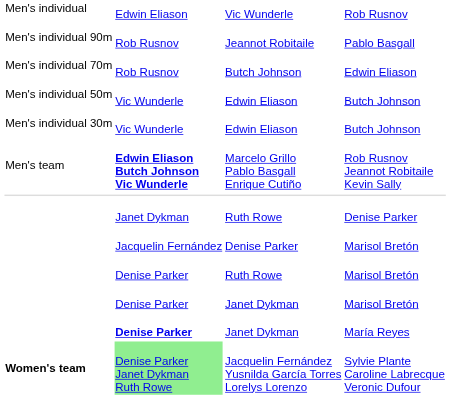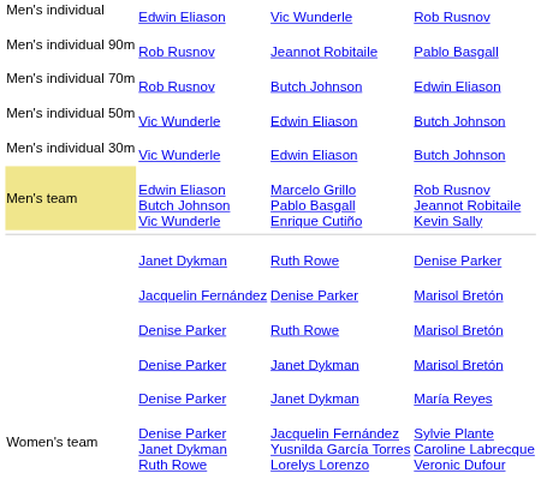 <table>
 <tr>
 <td>Men's individual<br></td>
 <td><br><a href='#'>Edwin Eliason</a></td>
 <td><br><a href='#'>Vic Wunderle</a></td>
 <td><br><a href='#'>Rob Rusnov</a></td>
 </tr>
 <tr>
 <td>Men's individual 90m<br></td>
 <td><br><a href='#'>Rob Rusnov</a></td>
 <td><br><a href='#'>Jeannot Robitaile</a></td>
 <td><br><a href='#'>Pablo Basgall</a></td>
 </tr>
 <tr>
 <td>Men's individual 70m<br></td>
 <td><br><a href='#'>Rob Rusnov</a></td>
 <td><br><a href='#'>Butch Johnson</a></td>
 <td><br><a href='#'>Edwin Eliason</a></td>
 </tr>
 <tr>
 <td>Men's individual 50m<br></td>
 <td><br><a href='#'>Vic Wunderle</a></td>
 <td><br><a href='#'>Edwin Eliason</a></td>
 <td><br><a href='#'>Butch Johnson</a></td>
 </tr>
 <tr>
 <td>Men's individual 30m<br></td>
 <td><br><a href='#'>Vic Wunderle</a></td>
 <td><br><a href='#'>Edwin Eliason</a></td>
 <td><br><a href='#'>Butch Johnson</a></td>
 </tr>
 <tr>
-<td>Men's team<br></td>
-<td><strong><br><a href='#'>Edwin Eliason</a><br><a href='#'>Butch Johnson</a><br> <a href='#'>Vic Wunderle</a></strong></td>
+<td style="background: khaki;">Men's team<br></td>
+<td><br><a href='#'>Edwin Eliason</a><br><a href='#'>Butch Johnson</a><br> <a href='#'>Vic Wunderle</a></td>
 <td><br><a href='#'>Marcelo Grillo</a><br><a href='#'>Pablo Basgall</a><br><a href='#'>Enrique Cutiño</a></td>
 <td><br><a href='#'>Rob Rusnov</a><br><a href='#'>Jeannot Robitaile</a><br><a href='#'>Kevin Sally</a><br></td>
 </tr>
 <tr>
 </tr>
 <tr bgcolor=#DDDDDD>
 <td colspan=7></td>
 </tr>
 <tr>
 <td><br></td>
 <td><br><a href='#'>Janet Dykman</a></td>
 <td><br><a href='#'>Ruth Rowe</a></td>
 <td><br><a href='#'>Denise Parker</a></td>
 </tr>
 <tr>
 <td><br></td>
 <td><br><a href='#'>Jacquelin Fernández</a></td>
 <td><br><a href='#'>Denise Parker</a></td>
 <td><br><a href='#'>Marisol Bretón</a></td>
 </tr>
 <tr>
 <td><br></td>
 <td><br><a href='#'>Denise Parker</a></td>
 <td><br><a href='#'>Ruth Rowe</a></td>
 <td><br><a href='#'>Marisol Bretón</a></td>
 </tr>
 <tr>
 <td><br></td>
 <td><br><a href='#'>Denise Parker</a></td>
 <td><br><a href='#'>Janet Dykman</a></td>
 <td><br><a href='#'>Marisol Bretón</a></td>
 </tr>
 <tr>
 <td><br></td>
-<td><strong><br><a href='#'>Denise Parker</a></strong></td>
+<td><br><a href='#'>Denise Parker</a></td>
 <td><br><a href='#'>Janet Dykman</a></td>
 <td><br><a href='#'>María Reyes</a></td>
 </tr>
 <tr>
-<td><strong>Women's team<br></strong></td>
-<td style="background: lightgreen;"><br><a href='#'>Denise Parker</a><br><a href='#'>Janet Dykman</a><br><a href='#'>Ruth Rowe</a></td>
+<td>Women's team<br></td>
+<td><br><a href='#'>Denise Parker</a><br><a href='#'>Janet Dykman</a><br><a href='#'>Ruth Rowe</a></td>
 <td><br><a href='#'>Jacquelin Fernández</a><br><a href='#'>Yusnilda García Torres</a><br><a href='#'>Lorelys Lorenzo</a><br></td>
 <td><br><a href='#'>Sylvie Plante</a><br><a href='#'>Caroline Labrecque</a><br><a href='#'>Veronic Dufour</a></td>
 </tr>
 </table>
